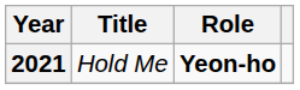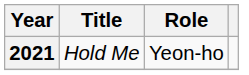 <table class="wikitable sortable plainrowheaders">
 <tr>
 <th scope="col">Year</th>
 <th scope="col">Title</th>
 <th scope="col">Role</th>
 <th scope="col" class="unsortable"></th>
 </tr>
 <tr>
 <th scope="row">2021</th>
 <td><em>Hold Me</em></td>
-<td><strong>Yeon-ho</strong></td>
+<td>Yeon-ho</td>
 <td></td>
 </tr>
 <tr>
 </tr>
 </table>
